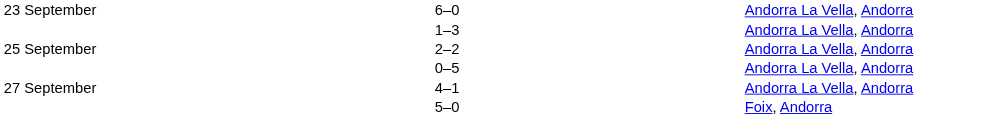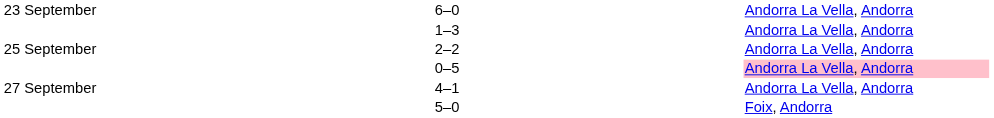 <table cellspacing=1 width=85%>
 <tr>
 <th width=15%></th>
 <th width=25%></th>
 <th width=10%></th>
 <th width=25%></th>
 <th width=25%></th>
 </tr>
 <tr>
 <td>23 September</td>
 <td align=right></td>
 <td align=center>6–0</td>
 <td></td>
 <td><a href='#'>Andorra La Vella</a>, <a href='#'>Andorra</a></td>
 </tr>
 <tr>
 <td></td>
 <td align=right></td>
 <td align=center>1–3</td>
 <td></td>
 <td><a href='#'>Andorra La Vella</a>, <a href='#'>Andorra</a></td>
 </tr>
 <tr>
 <td>25 September</td>
 <td align=right></td>
 <td align=center>2–2</td>
 <td></td>
 <td><a href='#'>Andorra La Vella</a>, <a href='#'>Andorra</a></td>
 </tr>
 <tr>
 <td></td>
 <td align=right></td>
 <td align=center>0–5</td>
 <td></td>
-<td><a href='#'>Andorra La Vella</a>, <a href='#'>Andorra</a></td>
+<td style="background: pink;"><a href='#'>Andorra La Vella</a>, <a href='#'>Andorra</a></td>
 </tr>
 <tr>
 <td>27 September</td>
 <td align=right></td>
 <td align=center>4–1</td>
 <td></td>
 <td><a href='#'>Andorra La Vella</a>, <a href='#'>Andorra</a></td>
 </tr>
 <tr>
 <td></td>
 <td align=right></td>
 <td align=center>5–0</td>
 <td></td>
 <td><a href='#'>Foix</a>, <a href='#'>Andorra</a></td>
 </tr>
 </table>
